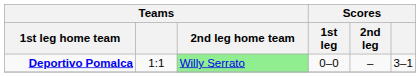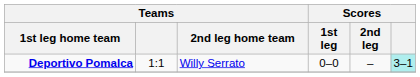 <table class="wikitable" style="text-align: center;">
 <tr>
 <th colspan=3>Teams</th>
 <th colspan=3>Scores</th>
 </tr>
 <tr>
 <th width="175">1st leg home team</th>
 <th width="50"></th>
 <th width="175">2nd leg home team</th>
 <th width="50">1st leg</th>
 <th width="50">2nd leg</th>
 <th></th>
 </tr>
 <tr>
 <td align=right><strong><a href='#'>Deportivo Pomalca</a></strong></td>
 <td>1:1</td>
-<td align=left style="background: lightgreen;"><a href='#'>Willy Serrato</a></td>
+<td align=left><a href='#'>Willy Serrato</a></td>
 <td>0–0</td>
 <td>–</td>
-<td>3–1</td>
+<td style="background: paleturquoise;">3–1</td>
 </tr>
 <tr>
 </tr>
 </table>
